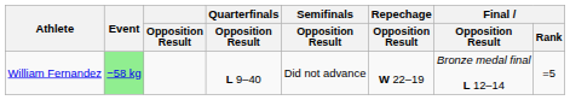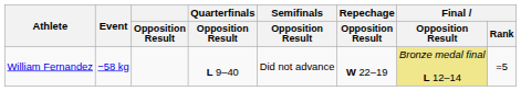 <table class="wikitable" style="font-size:90%;">
 <tr>
 <th rowspan=2>Athlete</th>
 <th rowspan=2>Event</th>
 <th></th>
 <th>Quarterfinals</th>
 <th>Semifinals</th>
 <th>Repechage</th>
 <th colspan="2">Final / </th>
 </tr>
 <tr style="font-size:95%">
 <th>Opposition<br>Result</th>
 <th>Opposition<br>Result</th>
 <th>Opposition<br>Result</th>
 <th>Opposition<br>Result</th>
 <th>Opposition<br>Result</th>
 <th>Rank</th>
 </tr>
 <tr align=center>
 <td align=left><a href='#'>William Fernandez</a></td>
-<td align=left style="background: lightgreen;"><a href='#'>−58 kg</a></td>
+<td align=left><a href='#'>−58 kg</a></td>
 <td></td>
 <td><br><strong>L</strong> 9–40</td>
 <td>Did not advance</td>
 <td><br><strong>W</strong> 22–19</td>
-<td><em>Bronze medal final</em><br><br><strong>L</strong> 12–14</td>
+<td style="background: khaki;"><em>Bronze medal final</em><br><br><strong>L</strong> 12–14</td>
 <td>=5</td>
 </tr>
 </table>
